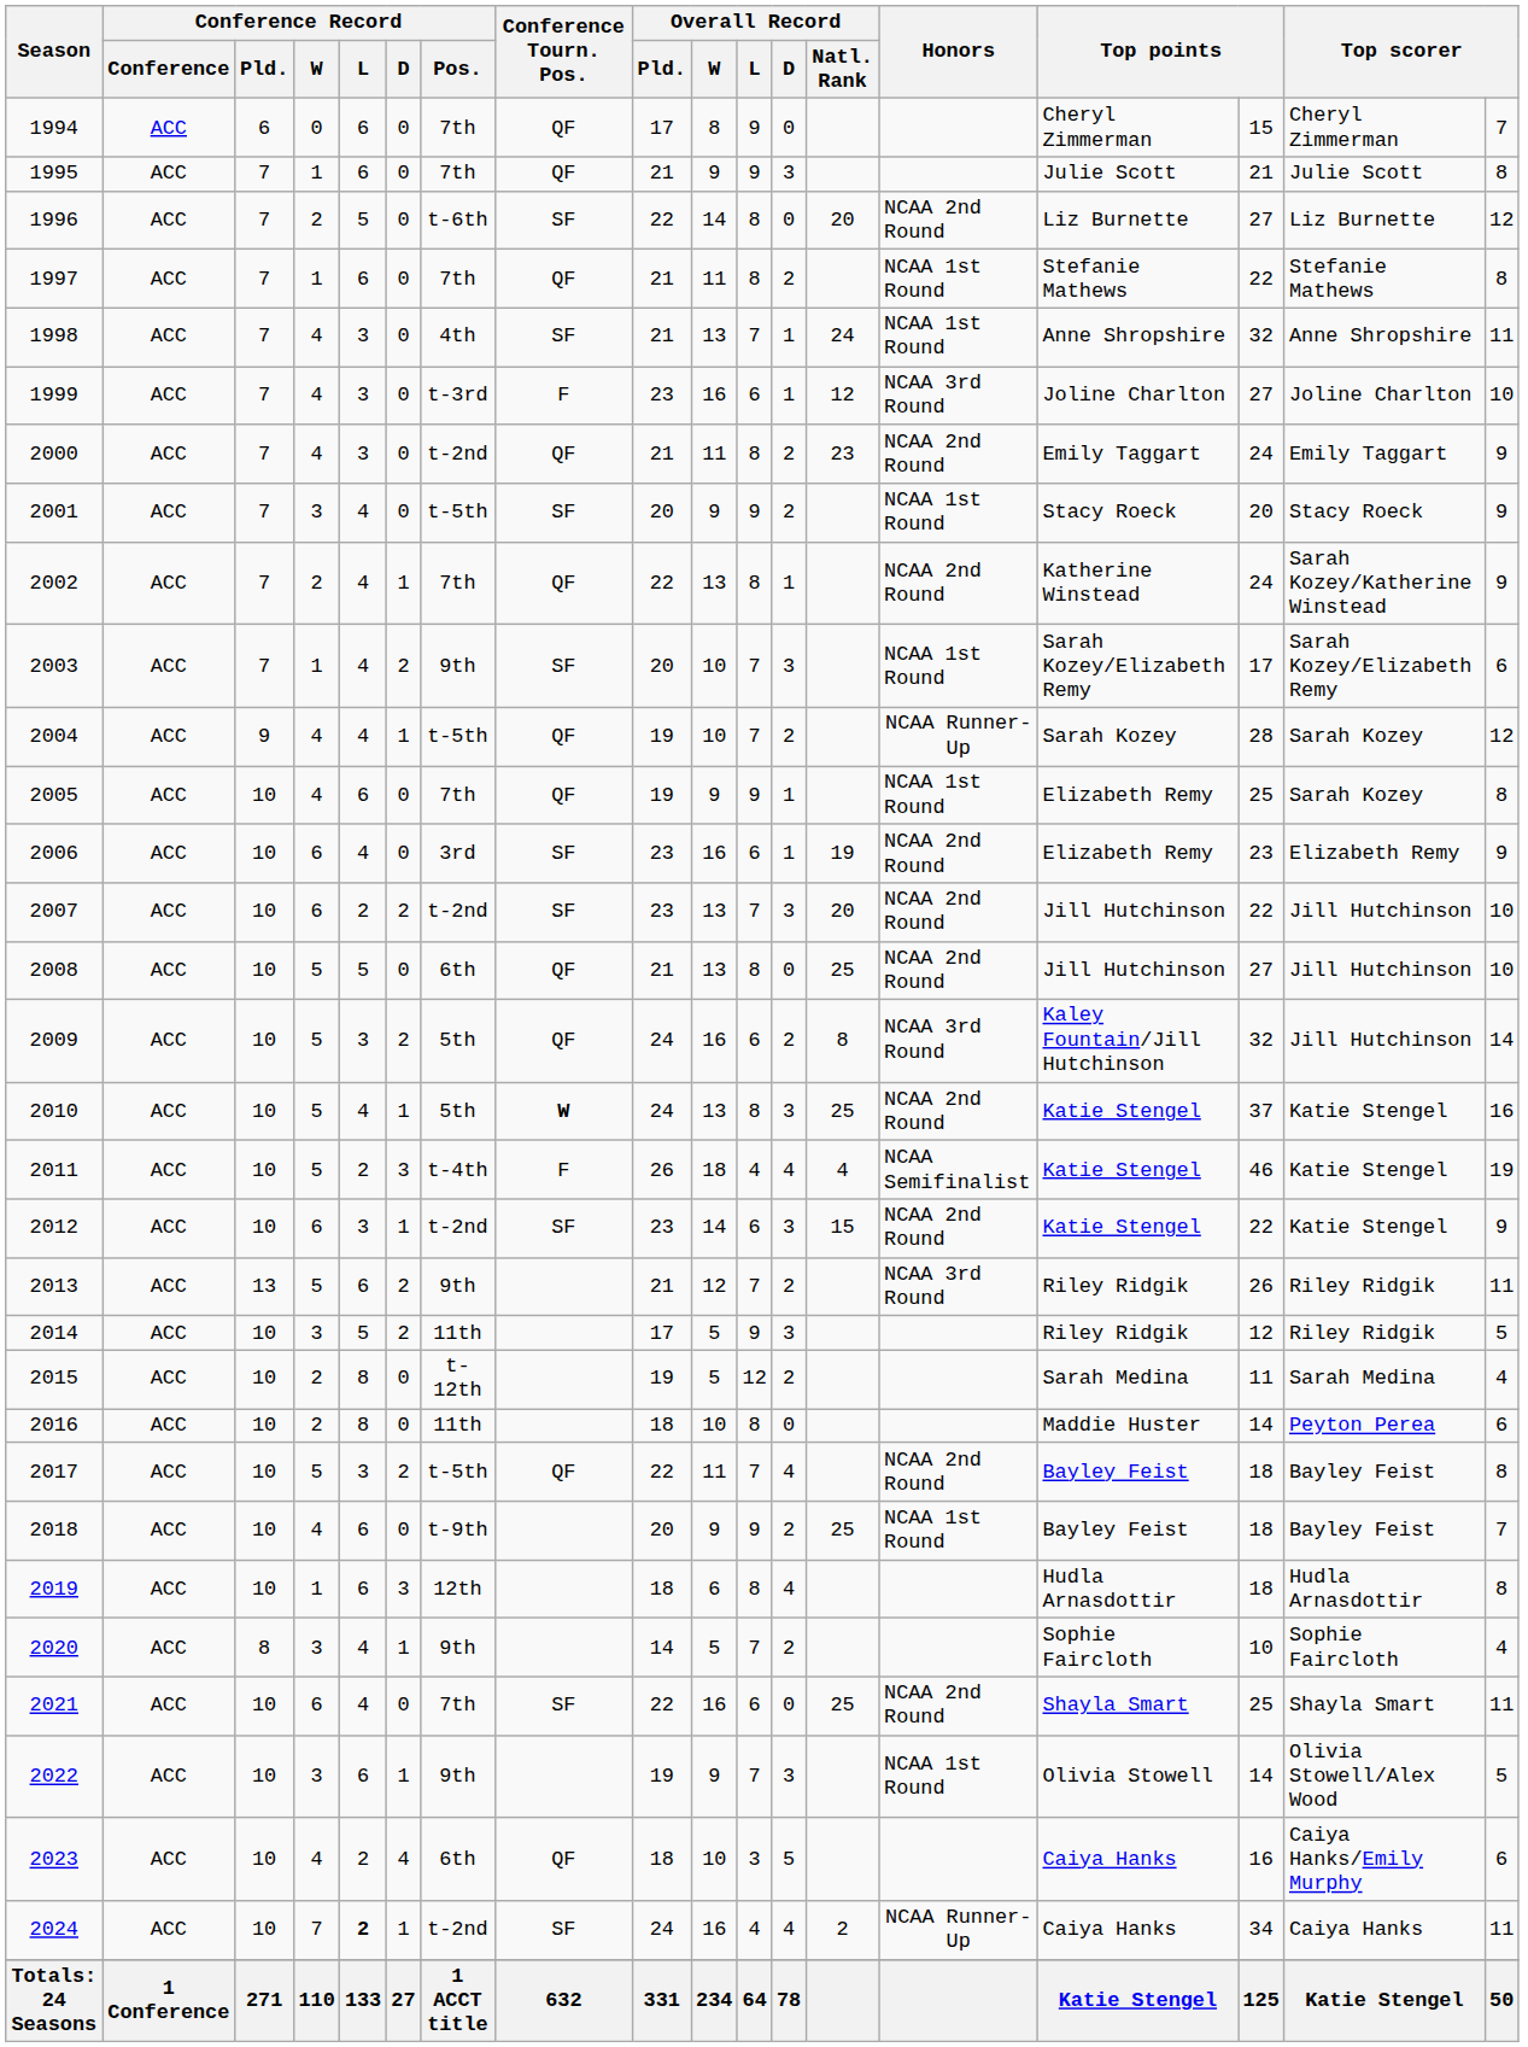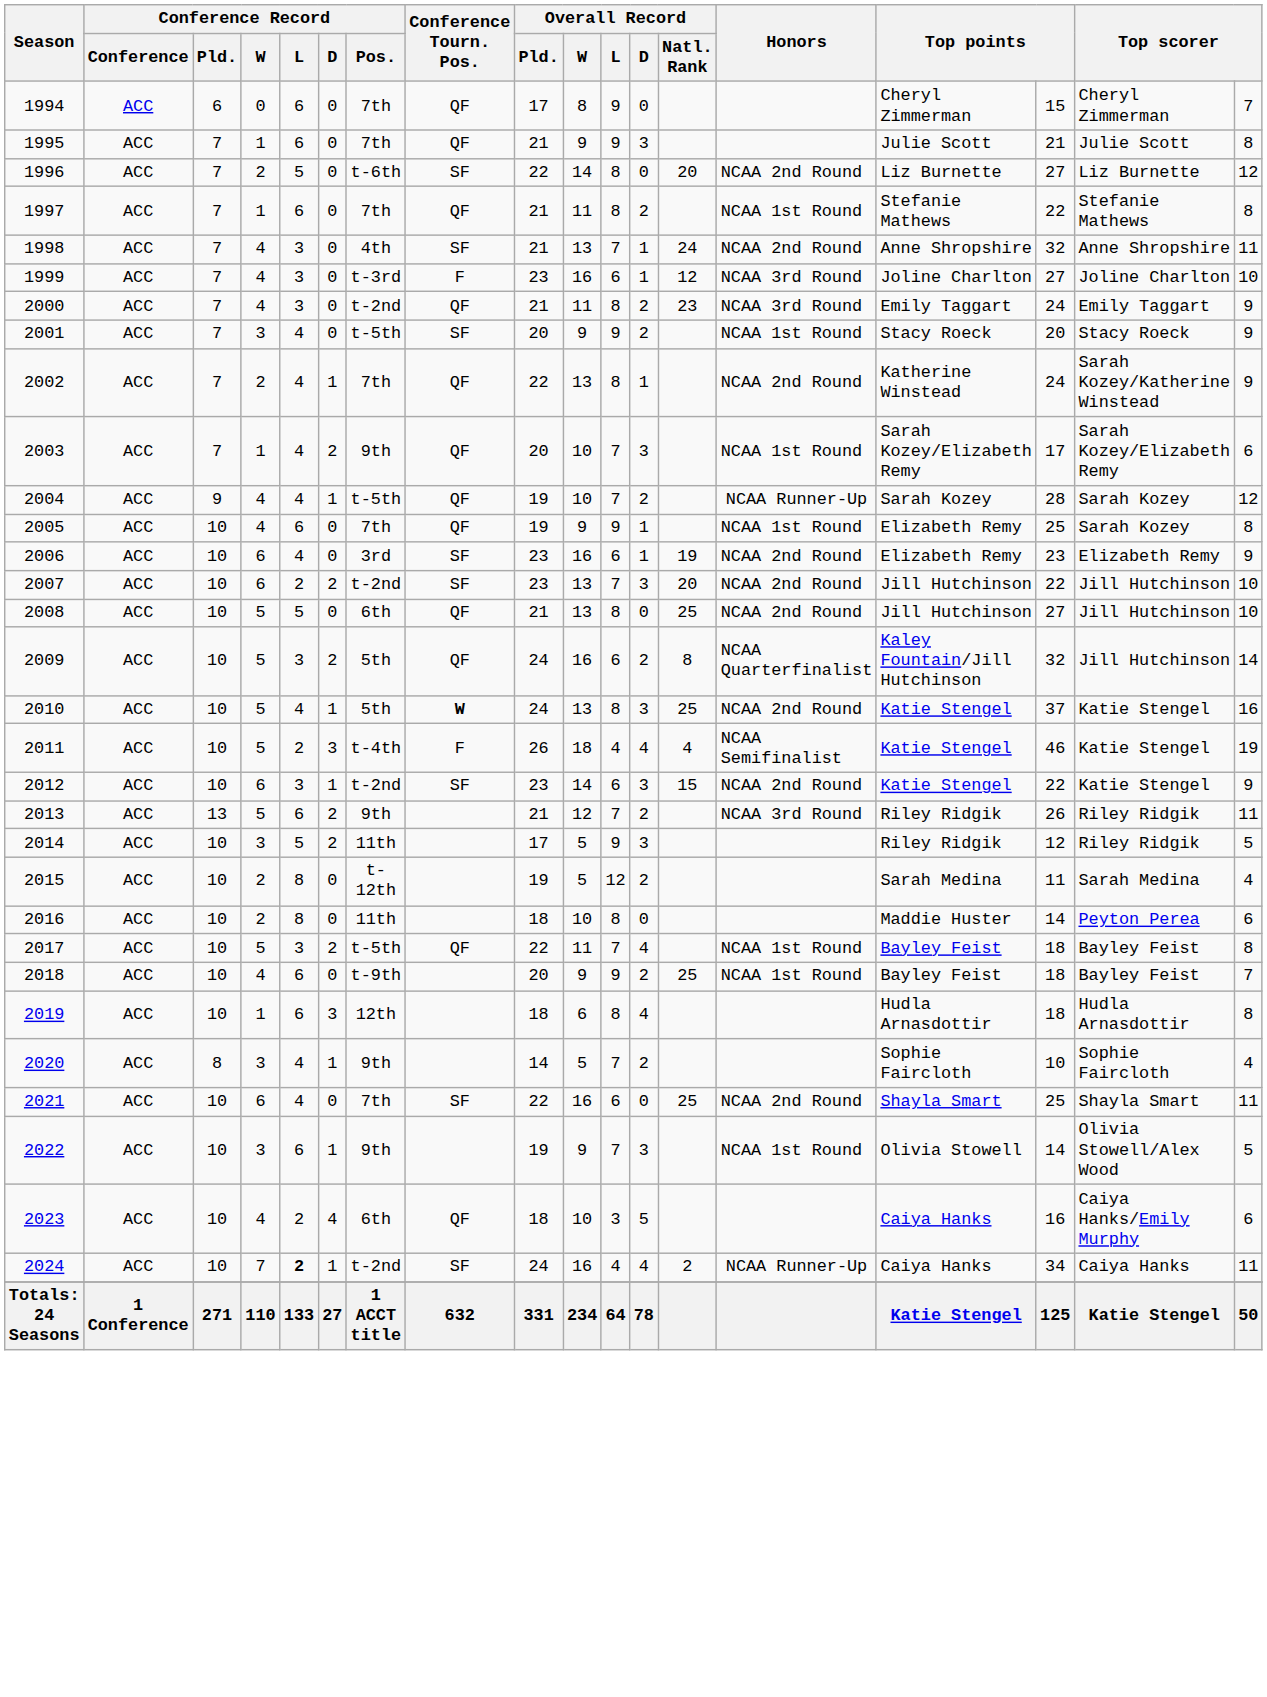 <table class="wikitable" style="text-align:center; font-size:90%">
 <tr>
 <th rowspan=2 width=px>Season</th>
 <th colspan=6 width=px>Conference Record</th>
 <th rowspan=2 width=px>Conference Tourn. Pos.</th>
 <th colspan=5 width=px>Overall Record</th>
 <th rowspan=2 width=px>Honors</th>
 <th rowspan=2 colspan=2 width=px>Top points</th>
 <th rowspan=2 colspan=2 width=px>Top scorer</th>
 </tr>
 <tr>
 <th width=px>Conference</th>
 <th width=px>Pld.</th>
 <th width=px>W</th>
 <th width=px>L</th>
 <th width=px>D</th>
 <th width=px>Pos.</th>
 <th width=px>Pld.</th>
 <th width=px>W</th>
 <th width=px>L</th>
 <th width=px>D</th>
 <th width=px>Natl. Rank</th>
 </tr>
 <tr>
 <td>1994</td>
 <td><a href='#'>ACC</a></td>
 <td>6</td>
 <td>0</td>
 <td>6</td>
 <td>0</td>
 <td>7th</td>
 <td>QF</td>
 <td>17</td>
 <td>8</td>
 <td>9</td>
 <td>0</td>
 <td align=center></td>
 <td align=left></td>
 <td align=left>Cheryl Zimmerman</td>
 <td>15</td>
 <td align=left>Cheryl Zimmerman</td>
 <td>7</td>
 </tr>
 <tr>
 <td>1995</td>
 <td>ACC</td>
 <td>7</td>
 <td>1</td>
 <td>6</td>
 <td>0</td>
 <td>7th</td>
 <td>QF</td>
 <td>21</td>
 <td>9</td>
 <td>9</td>
 <td>3</td>
 <td align=center></td>
 <td align=left></td>
 <td align=left>Julie Scott</td>
 <td>21</td>
 <td align=left>Julie Scott</td>
 <td>8</td>
 </tr>
 <tr>
 <td>1996</td>
 <td>ACC</td>
 <td>7</td>
 <td>2</td>
 <td>5</td>
 <td>0</td>
 <td>t-6th</td>
 <td>SF</td>
 <td>22</td>
 <td>14</td>
 <td>8</td>
 <td>0</td>
 <td align=center>20</td>
 <td align=left>NCAA 2nd Round</td>
 <td align=left>Liz Burnette</td>
 <td>27</td>
 <td align=left>Liz Burnette</td>
 <td>12</td>
 </tr>
 <tr>
 <td>1997</td>
 <td>ACC</td>
 <td>7</td>
 <td>1</td>
 <td>6</td>
 <td>0</td>
 <td>7th</td>
 <td>QF</td>
 <td>21</td>
 <td>11</td>
 <td>8</td>
 <td>2</td>
 <td align=center></td>
 <td align=left>NCAA 1st Round</td>
 <td align=left>Stefanie Mathews</td>
 <td>22</td>
 <td align=left>Stefanie Mathews</td>
 <td>8</td>
 </tr>
 <tr>
 <td>1998</td>
 <td>ACC</td>
 <td>7</td>
 <td>4</td>
 <td>3</td>
 <td>0</td>
 <td>4th</td>
 <td>SF</td>
 <td>21</td>
 <td>13</td>
 <td>7</td>
 <td>1</td>
 <td align=center>24</td>
-<td align=left>NCAA 1st Round</td>
+<td align=left>NCAA 2nd Round</td>
 <td align=left>Anne Shropshire</td>
 <td>32</td>
 <td align=left>Anne Shropshire</td>
 <td>11</td>
 </tr>
 <tr>
 <td>1999</td>
 <td>ACC</td>
 <td>7</td>
 <td>4</td>
 <td>3</td>
 <td>0</td>
 <td>t-3rd</td>
 <td>F</td>
 <td>23</td>
 <td>16</td>
 <td>6</td>
 <td>1</td>
 <td align=center>12</td>
 <td align=left>NCAA 3rd Round</td>
 <td align=left>Joline Charlton</td>
 <td>27</td>
 <td align=left>Joline Charlton</td>
 <td>10</td>
 </tr>
 <tr>
 <td>2000</td>
 <td>ACC</td>
 <td>7</td>
 <td>4</td>
 <td>3</td>
 <td>0</td>
 <td>t-2nd</td>
 <td>QF</td>
 <td>21</td>
 <td>11</td>
 <td>8</td>
 <td>2</td>
 <td align=center>23</td>
-<td align=left>NCAA 2nd Round</td>
+<td align=left>NCAA 3rd Round</td>
 <td align=left>Emily Taggart</td>
 <td>24</td>
 <td align=left>Emily Taggart</td>
 <td>9</td>
 </tr>
 <tr>
 <td>2001</td>
 <td>ACC</td>
 <td>7</td>
 <td>3</td>
 <td>4</td>
 <td>0</td>
 <td>t-5th</td>
 <td>SF</td>
 <td>20</td>
 <td>9</td>
 <td>9</td>
 <td>2</td>
 <td align=center></td>
 <td align=left>NCAA 1st Round</td>
 <td align=left>Stacy Roeck</td>
 <td>20</td>
 <td align=left>Stacy Roeck</td>
 <td>9</td>
 </tr>
 <tr>
 <td>2002</td>
 <td>ACC</td>
 <td>7</td>
 <td>2</td>
 <td>4</td>
 <td>1</td>
 <td>7th</td>
 <td>QF</td>
 <td>22</td>
 <td>13</td>
 <td>8</td>
 <td>1</td>
 <td align=center></td>
 <td align=left>NCAA 2nd Round</td>
 <td align=left>Katherine Winstead</td>
 <td>24</td>
 <td align=left>Sarah Kozey/Katherine Winstead</td>
 <td>9</td>
 </tr>
 <tr>
 <td>2003</td>
 <td>ACC</td>
 <td>7</td>
 <td>1</td>
 <td>4</td>
 <td>2</td>
 <td>9th</td>
-<td>SF</td>
+<td>QF</td>
 <td>20</td>
 <td>10</td>
 <td>7</td>
 <td>3</td>
 <td align=center></td>
 <td align=left>NCAA 1st Round</td>
 <td align=left>Sarah Kozey/Elizabeth Remy</td>
 <td>17</td>
 <td align=left>Sarah Kozey/Elizabeth Remy</td>
 <td>6</td>
 </tr>
 <tr>
 <td>2004</td>
 <td>ACC</td>
 <td>9</td>
 <td>4</td>
 <td>4</td>
 <td>1</td>
 <td>t-5th</td>
 <td>QF</td>
 <td>19</td>
 <td>10</td>
 <td>7</td>
 <td>2</td>
 <td align=center></td>
 <td>NCAA Runner-Up</td>
 <td align=left>Sarah Kozey</td>
 <td>28</td>
 <td align=left>Sarah Kozey</td>
 <td>12</td>
 </tr>
 <tr>
 <td>2005</td>
 <td>ACC</td>
 <td>10</td>
 <td>4</td>
 <td>6</td>
 <td>0</td>
 <td>7th</td>
 <td>QF</td>
 <td>19</td>
 <td>9</td>
 <td>9</td>
 <td>1</td>
 <td align=center></td>
 <td align=left>NCAA 1st Round</td>
 <td align=left>Elizabeth Remy</td>
 <td>25</td>
 <td align=left>Sarah Kozey</td>
 <td>8</td>
 </tr>
 <tr>
 <td>2006</td>
 <td>ACC</td>
 <td>10</td>
 <td>6</td>
 <td>4</td>
 <td>0</td>
 <td>3rd</td>
 <td>SF</td>
 <td>23</td>
 <td>16</td>
 <td>6</td>
 <td>1</td>
 <td align=center>19</td>
 <td align=left>NCAA 2nd Round</td>
 <td align=left>Elizabeth Remy</td>
 <td>23</td>
 <td align=left>Elizabeth Remy</td>
 <td>9</td>
 </tr>
 <tr>
 <td>2007</td>
 <td>ACC</td>
 <td>10</td>
 <td>6</td>
 <td>2</td>
 <td>2</td>
 <td>t-2nd</td>
 <td>SF</td>
 <td>23</td>
 <td>13</td>
 <td>7</td>
 <td>3</td>
 <td align=center>20</td>
 <td align=left>NCAA 2nd Round</td>
 <td align=left>Jill Hutchinson</td>
 <td>22</td>
 <td align=left>Jill Hutchinson</td>
 <td>10</td>
 </tr>
 <tr>
 <td>2008</td>
 <td>ACC</td>
 <td>10</td>
 <td>5</td>
 <td>5</td>
 <td>0</td>
 <td>6th</td>
 <td>QF</td>
 <td>21</td>
 <td>13</td>
 <td>8</td>
 <td>0</td>
 <td align=center>25</td>
 <td align=left>NCAA 2nd Round</td>
 <td align=left>Jill Hutchinson</td>
 <td>27</td>
 <td align=left>Jill Hutchinson</td>
 <td>10</td>
 </tr>
 <tr>
 <td>2009</td>
 <td>ACC</td>
 <td>10</td>
 <td>5</td>
 <td>3</td>
 <td>2</td>
 <td>5th</td>
 <td>QF</td>
 <td>24</td>
 <td>16</td>
 <td>6</td>
 <td>2</td>
 <td align=center>8</td>
-<td align=left>NCAA 3rd Round</td>
+<td align=left>NCAA Quarterfinalist</td>
 <td align=left><a href='#'>Kaley Fountain</a>/Jill Hutchinson</td>
 <td>32</td>
 <td align=left>Jill Hutchinson</td>
 <td>14</td>
 </tr>
 <tr>
 <td>2010</td>
 <td>ACC</td>
 <td>10</td>
 <td>5</td>
 <td>4</td>
 <td>1</td>
 <td>5th</td>
 <td><strong>W</strong></td>
 <td>24</td>
 <td>13</td>
 <td>8</td>
 <td>3</td>
 <td align=center>25</td>
 <td align=left>NCAA 2nd Round</td>
 <td align=left><a href='#'>Katie Stengel</a></td>
 <td>37</td>
 <td align=left>Katie Stengel</td>
 <td>16</td>
 </tr>
 <tr>
 <td>2011</td>
 <td>ACC</td>
 <td>10</td>
 <td>5</td>
 <td>2</td>
 <td>3</td>
 <td>t-4th</td>
 <td>F</td>
 <td>26</td>
 <td>18</td>
 <td>4</td>
 <td>4</td>
 <td align=center>4</td>
 <td align=left>NCAA Semifinalist</td>
 <td align=left><a href='#'>Katie Stengel</a></td>
 <td>46</td>
 <td align=left>Katie Stengel</td>
 <td>19</td>
 </tr>
 <tr>
 <td>2012</td>
 <td>ACC</td>
 <td>10</td>
 <td>6</td>
 <td>3</td>
 <td>1</td>
 <td>t-2nd</td>
 <td>SF</td>
 <td>23</td>
 <td>14</td>
 <td>6</td>
 <td>3</td>
 <td align=center>15</td>
 <td align=left>NCAA 2nd Round</td>
 <td align=left><a href='#'>Katie Stengel</a></td>
 <td>22</td>
 <td align=left>Katie Stengel</td>
 <td>9</td>
 </tr>
 <tr>
 <td>2013</td>
 <td>ACC</td>
 <td>13</td>
 <td>5</td>
 <td>6</td>
 <td>2</td>
 <td>9th</td>
 <td></td>
 <td>21</td>
 <td>12</td>
 <td>7</td>
 <td>2</td>
 <td align=center></td>
 <td align=left>NCAA 3rd Round</td>
 <td align=left>Riley Ridgik</td>
 <td>26</td>
 <td align=left>Riley Ridgik</td>
 <td>11</td>
 </tr>
 <tr>
 <td>2014</td>
 <td>ACC</td>
 <td>10</td>
 <td>3</td>
 <td>5</td>
 <td>2</td>
 <td>11th</td>
 <td></td>
 <td>17</td>
 <td>5</td>
 <td>9</td>
 <td>3</td>
 <td align=center></td>
 <td align=left></td>
 <td align=left>Riley Ridgik</td>
 <td>12</td>
 <td align=left>Riley Ridgik</td>
 <td>5</td>
 </tr>
 <tr>
 <td>2015</td>
 <td>ACC</td>
 <td>10</td>
 <td>2</td>
 <td>8</td>
 <td>0</td>
 <td>t-12th</td>
 <td></td>
 <td>19</td>
 <td>5</td>
 <td>12</td>
 <td>2</td>
 <td align=center></td>
 <td align=left></td>
 <td align=left>Sarah Medina</td>
 <td>11</td>
 <td align=left>Sarah Medina</td>
 <td>4</td>
 </tr>
 <tr>
 <td>2016</td>
 <td>ACC</td>
 <td>10</td>
 <td>2</td>
 <td>8</td>
 <td>0</td>
 <td>11th</td>
 <td></td>
 <td>18</td>
 <td>10</td>
 <td>8</td>
 <td>0</td>
 <td align=center></td>
 <td align=left></td>
 <td align=left>Maddie Huster</td>
 <td>14</td>
 <td align=left><a href='#'>Peyton Perea</a></td>
 <td>6</td>
 </tr>
 <tr>
 <td>2017</td>
 <td>ACC</td>
 <td>10</td>
 <td>5</td>
 <td>3</td>
 <td>2</td>
 <td>t-5th</td>
 <td>QF</td>
 <td>22</td>
 <td>11</td>
 <td>7</td>
 <td>4</td>
 <td align=center></td>
-<td align=left>NCAA 2nd Round</td>
+<td align=left>NCAA 1st Round</td>
 <td align=left><a href='#'>Bayley Feist</a></td>
 <td>18</td>
 <td align=left>Bayley Feist</td>
 <td>8</td>
 </tr>
 <tr>
 <td>2018</td>
 <td>ACC</td>
 <td>10</td>
 <td>4</td>
 <td>6</td>
 <td>0</td>
 <td>t-9th</td>
 <td></td>
 <td>20</td>
 <td>9</td>
 <td>9</td>
 <td>2</td>
 <td align=center>25</td>
 <td align=left>NCAA 1st Round</td>
 <td align=left>Bayley Feist</td>
 <td>18</td>
 <td align=left>Bayley Feist</td>
 <td>7</td>
 </tr>
 <tr>
 <td><a href='#'>2019</a></td>
 <td>ACC</td>
 <td>10</td>
 <td>1</td>
 <td>6</td>
 <td>3</td>
 <td>12th</td>
 <td></td>
 <td>18</td>
 <td>6</td>
 <td>8</td>
 <td>4</td>
 <td></td>
 <td></td>
 <td align=left>Hudla Arnasdottir</td>
 <td>18</td>
 <td align=left>Hudla Arnasdottir</td>
 <td>8</td>
 </tr>
 <tr>
 <td><a href='#'>2020</a></td>
 <td>ACC</td>
 <td>8</td>
 <td>3</td>
 <td>4</td>
 <td>1</td>
 <td>9th</td>
 <td></td>
 <td>14</td>
 <td>5</td>
 <td>7</td>
 <td>2</td>
 <td></td>
 <td></td>
 <td align=left>Sophie Faircloth</td>
 <td>10</td>
 <td align=left>Sophie Faircloth</td>
 <td>4</td>
 </tr>
 <tr>
 <td><a href='#'>2021</a></td>
 <td>ACC</td>
 <td>10</td>
 <td>6</td>
 <td>4</td>
 <td>0</td>
 <td>7th</td>
 <td>SF</td>
 <td>22</td>
 <td>16</td>
 <td>6</td>
 <td>0</td>
 <td>25</td>
 <td align=left>NCAA 2nd Round</td>
 <td align=left><a href='#'>Shayla Smart</a></td>
 <td>25</td>
 <td align=left>Shayla Smart</td>
 <td>11</td>
 </tr>
 <tr>
 <td><a href='#'>2022</a></td>
 <td>ACC</td>
 <td>10</td>
 <td>3</td>
 <td>6</td>
 <td>1</td>
 <td>9th</td>
 <td></td>
 <td>19</td>
 <td>9</td>
 <td>7</td>
 <td>3</td>
 <td></td>
 <td align=left>NCAA 1st Round</td>
 <td align=left>Olivia Stowell</td>
 <td>14</td>
 <td align=left>Olivia Stowell/Alex Wood</td>
 <td>5</td>
 </tr>
 <tr>
 <td><a href='#'>2023</a></td>
 <td>ACC</td>
 <td>10</td>
 <td>4</td>
 <td>2</td>
 <td>4</td>
 <td>6th</td>
 <td>QF</td>
 <td>18</td>
 <td>10</td>
 <td>3</td>
 <td>5</td>
 <td></td>
 <td></td>
 <td align=left><a href='#'>Caiya Hanks</a></td>
 <td>16</td>
 <td align=left>Caiya Hanks/<a href='#'>Emily Murphy</a></td>
 <td>6</td>
 </tr>
 <tr>
 <td><a href='#'>2024</a></td>
 <td>ACC</td>
 <td>10</td>
 <td>7</td>
 <td><strong>2</strong></td>
 <td>1</td>
 <td>t-2nd</td>
 <td>SF</td>
 <td>24</td>
 <td>16</td>
 <td>4</td>
 <td>4</td>
 <td>2</td>
 <td>NCAA Runner-Up</td>
 <td align=left>Caiya Hanks</td>
 <td>34</td>
 <td align=left>Caiya Hanks</td>
 <td>11</td>
 </tr>
 <tr>
 </tr>
 <tr>
 <th>Totals:<br>24 Seasons</th>
 <th>1 Conference</th>
 <th>271</th>
 <th>110</th>
 <th>133</th>
 <th>27</th>
 <th>1 ACCT title</th>
 <th>632</th>
 <th>331</th>
 <th>234</th>
 <th>64</th>
 <th>78</th>
 <th></th>
 <th></th>
 <th><a href='#'>Katie Stengel</a></th>
 <th>125</th>
 <th>Katie Stengel</th>
 <th>50</th>
 </tr>
 </table>
